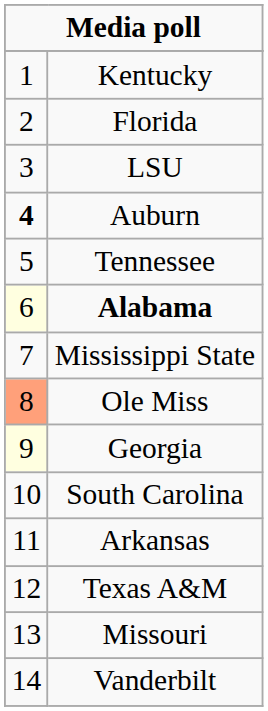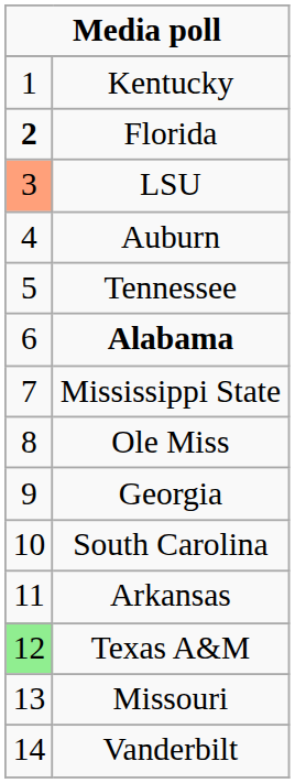 <table class="wikitable">
 <tr align="center">
 <td align="center" Colspan="3"><strong>Media poll</strong></td>
 </tr>
 <tr align="center">
 </tr>
 <tr align="center">
 <td>1</td>
 <td>Kentucky</td>
 </tr>
 <tr align="center">
-<td>2</td>
+<td><strong>2</strong></td>
 <td>Florida</td>
 </tr>
 <tr align="center">
-<td>3</td>
+<td style="background: lightsalmon;">3</td>
 <td>LSU</td>
 </tr>
 <tr align="center">
-<td><strong>4</strong></td>
+<td>4</td>
 <td>Auburn</td>
 </tr>
 <tr align="center">
 <td>5</td>
 <td>Tennessee</td>
 </tr>
 <tr align="center">
-<td style="background: lightyellow;">6</td>
+<td>6</td>
 <td><strong>Alabama</strong></td>
 </tr>
 <tr align="center">
 <td>7</td>
 <td>Mississippi State</td>
 </tr>
 <tr align="center">
-<td style="background: lightsalmon;">8</td>
+<td>8</td>
 <td>Ole Miss</td>
 </tr>
 <tr align="center">
-<td style="background: lightyellow;">9</td>
+<td>9</td>
 <td>Georgia</td>
 </tr>
 <tr align="center">
 <td>10</td>
 <td>South Carolina</td>
 </tr>
 <tr align="center">
 <td>11</td>
 <td>Arkansas</td>
 </tr>
 <tr align="center">
-<td>12</td>
+<td style="background: lightgreen;">12</td>
 <td>Texas A&M</td>
 </tr>
 <tr align="center">
 <td>13</td>
 <td>Missouri</td>
 </tr>
 <tr align="center">
 <td>14</td>
 <td>Vanderbilt</td>
 </tr>
 </table>
